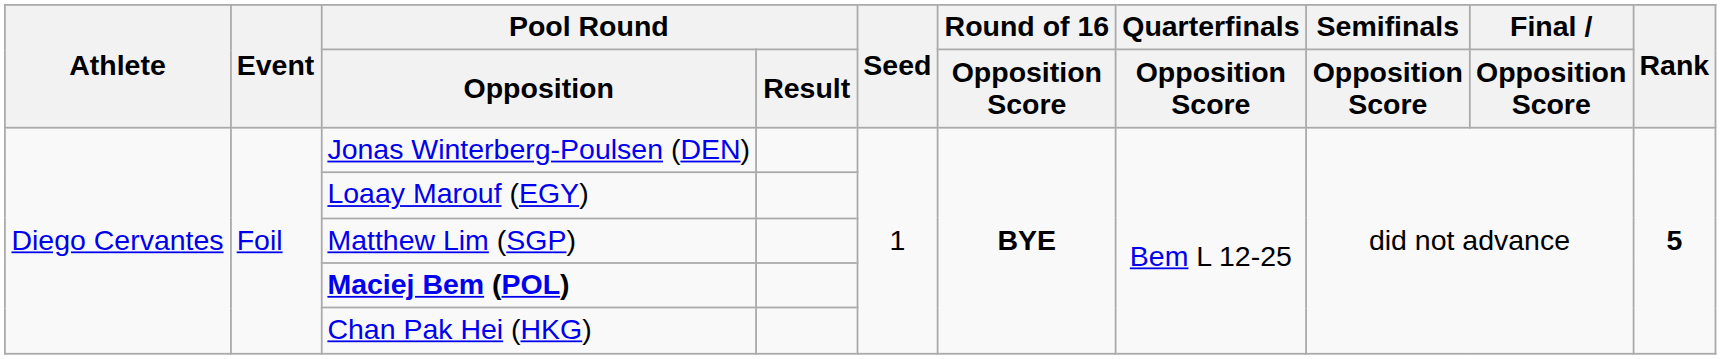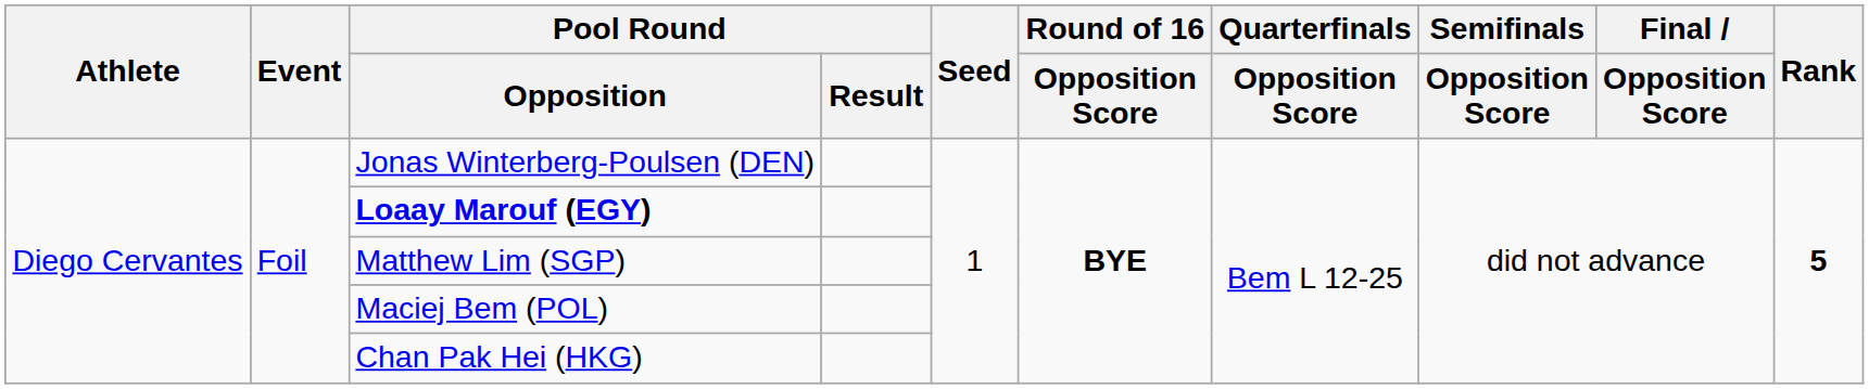 <table class="wikitable">
 <tr>
 <th rowspan="2">Athlete</th>
 <th rowspan="2">Event</th>
 <th colspan="2">Pool Round</th>
 <th rowspan="2">Seed</th>
 <th>Round of 16</th>
 <th>Quarterfinals</th>
 <th>Semifinals</th>
 <th>Final / </th>
 <th rowspan="2">Rank</th>
 </tr>
 <tr>
 <th>Opposition</th>
 <th>Result</th>
 <th>Opposition<br>Score</th>
 <th>Opposition<br>Score</th>
 <th>Opposition<br>Score</th>
 <th>Opposition<br>Score</th>
 </tr>
 <tr align="center">
 <td rowspan="5" align="left"><a href='#'>Diego Cervantes</a></td>
 <td rowspan="5" align="left"><a href='#'>Foil</a></td>
 <td align="left"> <a href='#'>Jonas Winterberg-Poulsen</a> (<a href='#'>DEN</a>)</td>
 <td></td>
 <td rowspan="5">1</td>
 <td rowspan="5"><strong>BYE</strong></td>
 <td rowspan="5"><br><a href='#'>Bem</a> L 12-25</td>
 <td colspan="2" rowspan="5">did not advance</td>
 <td rowspan="5"><strong>5</strong></td>
 </tr>
 <tr>
-<td> <a href='#'>Loaay Marouf</a> (<a href='#'>EGY</a>)</td>
+<td><strong> <a href='#'>Loaay Marouf</a> (<a href='#'>EGY</a>)</strong></td>
 <td></td>
 </tr>
 <tr>
 <td> <a href='#'>Matthew Lim</a> (<a href='#'>SGP</a>)</td>
 <td></td>
 </tr>
 <tr>
-<td><strong> <a href='#'>Maciej Bem</a> (<a href='#'>POL</a>)</strong></td>
+<td> <a href='#'>Maciej Bem</a> (<a href='#'>POL</a>)</td>
 <td></td>
 </tr>
 <tr>
 <td> <a href='#'>Chan Pak Hei</a> (<a href='#'>HKG</a>)</td>
 <td></td>
 </tr>
 </table>
